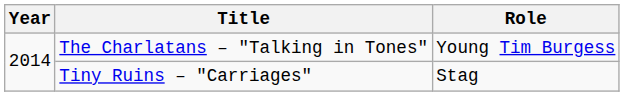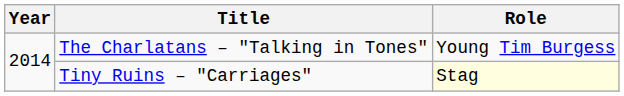 <table class="wikitable sortable">
 <tr>
 <th>Year</th>
 <th>Title</th>
 <th>Role</th>
 </tr>
 <tr>
 <td rowspan="2">2014</td>
 <td><a href='#'>The Charlatans</a> – "Talking in Tones"</td>
 <td>Young <a href='#'>Tim Burgess</a></td>
 </tr>
 <tr>
 <td><a href='#'>Tiny Ruins</a> – "Carriages"</td>
-<td>Stag</td>
+<td style="background: lightyellow;">Stag</td>
 </tr>
 </table>
